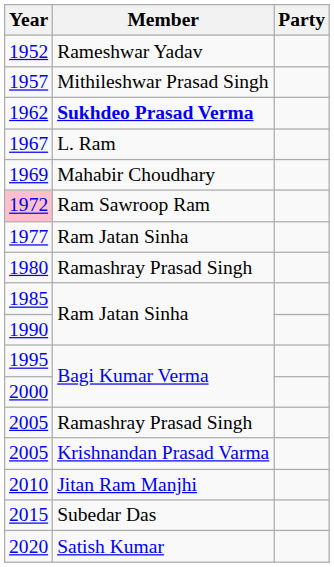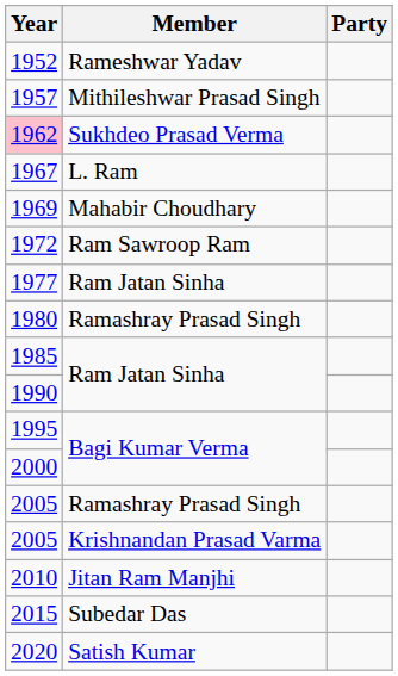 <table class="wikitable sortable">
 <tr>
 <th>Year</th>
 <th>Member</th>
 <th colspan="2">Party</th>
 </tr>
 <tr>
 <td><a href='#'>1952</a></td>
 <td>Rameshwar Yadav</td>
 <td></td>
 </tr>
 <tr>
 <td><a href='#'>1957</a></td>
 <td>Mithileshwar Prasad Singh</td>
 <td></td>
 </tr>
 <tr>
-<td><a href='#'>1962</a></td>
-<td><strong><a href='#'>Sukhdeo Prasad Verma</a></strong></td>
+<td style="background: pink;"><a href='#'>1962</a></td>
+<td><a href='#'>Sukhdeo Prasad Verma</a></td>
 </tr>
 <tr>
 <td><a href='#'>1967</a></td>
 <td>L. Ram</td>
 <td></td>
 </tr>
 <tr>
 <td><a href='#'>1969</a></td>
 <td>Mahabir Choudhary</td>
 <td></td>
 </tr>
 <tr>
-<td style="background: pink;"><a href='#'>1972</a></td>
+<td><a href='#'>1972</a></td>
 <td>Ram Sawroop Ram</td>
 </tr>
 <tr>
 <td><a href='#'>1977</a></td>
 <td>Ram Jatan Sinha</td>
 <td></td>
 </tr>
 <tr>
 <td><a href='#'>1980</a></td>
 <td>Ramashray Prasad Singh</td>
 <td></td>
 </tr>
 <tr>
 <td><a href='#'>1985</a></td>
 <td rowspan="2">Ram Jatan Sinha</td>
 <td></td>
 </tr>
 <tr>
 <td><a href='#'>1990</a></td>
 </tr>
 <tr>
 <td><a href='#'>1995</a></td>
 <td rowspan="2"><a href='#'>Bagi Kumar Verma</a></td>
 <td></td>
 </tr>
 <tr>
 <td><a href='#'>2000</a></td>
 <td></td>
 </tr>
 <tr>
 <td><a href='#'>2005</a></td>
 <td>Ramashray Prasad Singh</td>
 <td></td>
 </tr>
 <tr>
 <td><a href='#'>2005</a></td>
 <td><a href='#'>Krishnandan Prasad Varma</a></td>
 <td></td>
 </tr>
 <tr>
 <td><a href='#'>2010</a></td>
 <td><a href='#'>Jitan Ram Manjhi</a></td>
 <td></td>
 </tr>
 <tr>
 <td><a href='#'>2015</a></td>
 <td>Subedar Das</td>
 <td></td>
 </tr>
 <tr>
 <td><a href='#'>2020</a></td>
 <td><a href='#'>Satish Kumar</a></td>
 </tr>
 </table>
